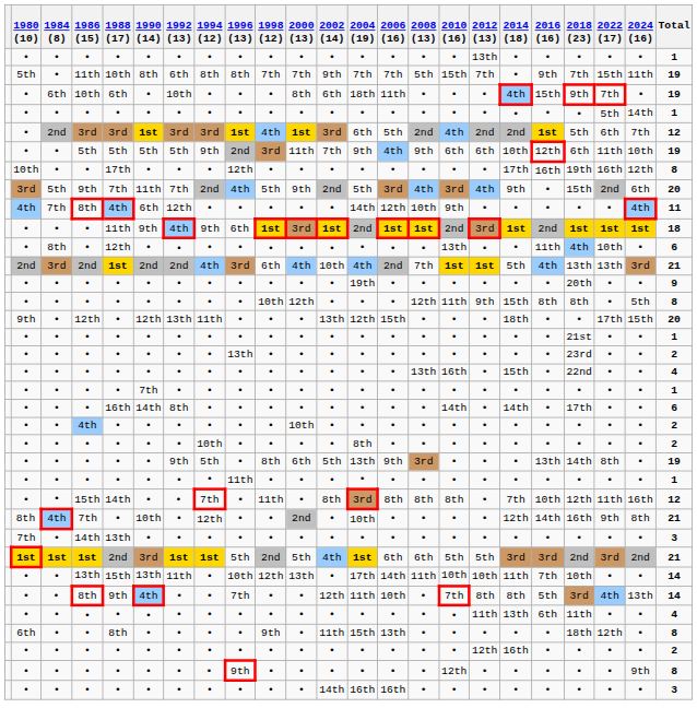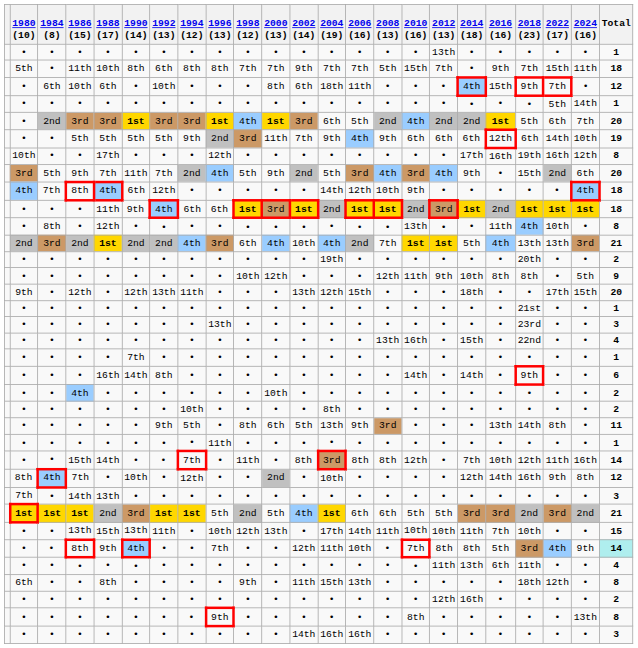 <table class="wikitable" style="text-align:center; font-size:90%">
 <tr>
 <th></th>
 <th><br><a href='#'>1980</a><br>(10)</th>
 <th><br><a href='#'>1984</a><br>(8)</th>
 <th><br><a href='#'>1986</a><br>(15)</th>
 <th><br><a href='#'>1988</a><br>(17)</th>
 <th><br><a href='#'>1990</a><br>(14)</th>
 <th><br><a href='#'>1992</a><br>(13)</th>
 <th><br><a href='#'>1994</a><br>(12)</th>
 <th><br><a href='#'>1996</a><br>(13)</th>
 <th><br><a href='#'>1998</a><br>(12)</th>
 <th><br><a href='#'>2000</a><br>(13)</th>
 <th><br><a href='#'>2002</a><br>(14)</th>
 <th><br><a href='#'>2004</a><br>(19)</th>
 <th><br><a href='#'>2006</a><br>(16)</th>
 <th><br><a href='#'>2008</a><br>(13)</th>
 <th><br><a href='#'>2010</a><br>(16)</th>
 <th><br><a href='#'>2012</a><br>(13)</th>
 <th><br><a href='#'>2014</a><br>(18)</th>
 <th><br><a href='#'>2016</a><br>(16)</th>
 <th><br><a href='#'>2018</a><br>(23)</th>
 <th><br><a href='#'>2022</a><br>(17)</th>
 <th><br><a href='#'>2024</a><br>(16)</th>
 <th>Total</th>
 </tr>
 <tr>
 <td align=left></td>
 <td>•</td>
 <td>•</td>
 <td>•</td>
 <td>•</td>
 <td>•</td>
 <td>•</td>
 <td>•</td>
 <td>•</td>
 <td>•</td>
 <td>•</td>
 <td>•</td>
 <td>•</td>
 <td>•</td>
 <td>•</td>
 <td>•</td>
 <td>13th</td>
 <td>•</td>
 <td>•</td>
 <td>•</td>
 <td>•</td>
 <td>•</td>
 <td><strong>1</strong></td>
 </tr>
 <tr>
 <td align=left></td>
 <td>5th</td>
 <td>•</td>
 <td>11th</td>
 <td>10th</td>
 <td>8th</td>
 <td>6th</td>
 <td>8th</td>
 <td>8th</td>
 <td>7th</td>
 <td>7th</td>
 <td>9th</td>
 <td>7th</td>
 <td>7th</td>
 <td>5th</td>
 <td>15th</td>
 <td>7th</td>
 <td>•</td>
 <td>9th</td>
 <td>7th</td>
 <td>15th</td>
 <td>11th</td>
-<td><strong>19</strong></td>
+<td><strong>18</strong></td>
 </tr>
 <tr>
 <td align=left></td>
 <td>•</td>
 <td>6th</td>
 <td>10th</td>
 <td>6th</td>
 <td>•</td>
 <td>10th</td>
 <td>•</td>
 <td>•</td>
 <td>•</td>
 <td>8th</td>
 <td>6th</td>
 <td>18th</td>
 <td>11th</td>
 <td>•</td>
 <td>•</td>
 <td>•</td>
 <td style="border:3px solid red" bgcolor=#9acdff>4th</td>
 <td>15th</td>
 <td style="border:3px solid red">9th</td>
 <td style="border:3px solid red">7th</td>
 <td>•</td>
-<td><strong>19</strong></td>
+<td><strong>12</strong></td>
 </tr>
 <tr>
 <td align=left></td>
 <td>•</td>
 <td>•</td>
 <td>•</td>
 <td>•</td>
 <td>•</td>
 <td>•</td>
 <td>•</td>
 <td>•</td>
 <td>•</td>
 <td>•</td>
 <td>•</td>
 <td>•</td>
 <td>•</td>
 <td>•</td>
 <td>•</td>
 <td>•</td>
 <td>•</td>
 <td>•</td>
 <td>•</td>
 <td>5th</td>
 <td>14th</td>
 <td><strong>1</strong></td>
 </tr>
 <tr>
 <td align=left></td>
 <td>•</td>
 <td bgcolor=silver>2nd</td>
 <td bgcolor=#cc9966>3rd</td>
 <td bgcolor=#cc9966>3rd</td>
 <td bgcolor=gold><strong>1st</strong></td>
 <td bgcolor=#cc9966>3rd</td>
 <td bgcolor=#cc9966>3rd</td>
 <td bgcolor=gold><strong>1st</strong></td>
 <td bgcolor=#9acdff>4th</td>
 <td bgcolor=gold><strong>1st</strong></td>
 <td bgcolor=#cc9966>3rd</td>
 <td>6th</td>
 <td>5th</td>
 <td bgcolor=silver>2nd</td>
 <td bgcolor=#9acdff>4th</td>
 <td bgcolor=silver>2nd</td>
 <td bgcolor=silver>2nd</td>
 <td bgcolor=gold><strong>1st</strong></td>
 <td>5th</td>
 <td>6th</td>
 <td>7th</td>
-<td><strong>12</strong></td>
+<td><strong>20</strong></td>
 </tr>
 <tr>
 <td align=left></td>
 <td>•</td>
 <td>•</td>
 <td>5th</td>
 <td>5th</td>
 <td>5th</td>
 <td>5th</td>
 <td>9th</td>
 <td bgcolor=silver>2nd</td>
 <td bgcolor=#cc9966>3rd</td>
 <td>11th</td>
 <td>7th</td>
 <td>9th</td>
 <td bgcolor=#9acdff>4th</td>
 <td>9th</td>
 <td>6th</td>
 <td>6th</td>
-<td>10th</td>
+<td>6th</td>
 <td style="border:3px solid red">12th</td>
 <td>6th</td>
-<td>11th</td>
+<td>14th</td>
 <td>10th</td>
 <td><strong>19</strong></td>
 </tr>
 <tr>
 <td align=left></td>
 <td>10th</td>
 <td>•</td>
 <td>•</td>
 <td>17th</td>
 <td>•</td>
 <td>•</td>
 <td>•</td>
 <td>12th</td>
 <td>•</td>
 <td>•</td>
 <td>•</td>
 <td>•</td>
 <td>•</td>
 <td>•</td>
 <td>•</td>
 <td>•</td>
 <td>17th</td>
 <td>16th</td>
 <td>19th</td>
 <td>16th</td>
 <td>12th</td>
 <td><strong>8</strong></td>
 </tr>
 <tr>
 <td align=left></td>
 <td bgcolor=#cc9966>3rd</td>
 <td>5th</td>
 <td>9th</td>
 <td>7th</td>
 <td>11th</td>
 <td>7th</td>
 <td bgcolor=silver>2nd</td>
 <td bgcolor=#9acdff>4th</td>
 <td>5th</td>
 <td>9th</td>
 <td bgcolor=silver>2nd</td>
 <td>5th</td>
 <td bgcolor=#cc9966>3rd</td>
 <td bgcolor=#9acdff>4th</td>
 <td bgcolor=#cc9966>3rd</td>
 <td bgcolor=#9acdff>4th</td>
 <td>9th</td>
 <td>•</td>
 <td>15th</td>
 <td bgcolor=silver>2nd</td>
 <td>6th</td>
 <td><strong>20</strong></td>
 </tr>
 <tr>
 <td align=left></td>
 <td bgcolor=#9acdff>4th</td>
 <td>7th</td>
 <td style="border:3px solid red">8th</td>
 <td style="border:3px solid red" bgcolor=#9acdff>4th</td>
 <td>6th</td>
 <td>12th</td>
 <td>•</td>
 <td>•</td>
 <td>•</td>
 <td>•</td>
 <td>•</td>
 <td>14th</td>
 <td>12th</td>
 <td>10th</td>
 <td>9th</td>
 <td>•</td>
 <td>•</td>
 <td>•</td>
 <td>•</td>
 <td>•</td>
 <td style="border:3px solid red" bgcolor=#9acdff>4th</td>
-<td><strong>11</strong></td>
+<td><strong>18</strong></td>
 </tr>
 <tr>
 <td align=left></td>
 <td>•</td>
 <td>•</td>
 <td>•</td>
 <td>11th</td>
 <td>9th</td>
 <td style="border:3px solid red" bgcolor=#9acdff>4th</td>
-<td>9th</td>
+<td>6th</td>
 <td>6th</td>
 <td style="border:3px solid red" bgcolor=gold><strong>1st</strong></td>
 <td style="border:3px solid red" bgcolor=#cc9966>3rd</td>
 <td style="border:3px solid red" bgcolor=gold><strong>1st</strong></td>
 <td bgcolor=silver>2nd</td>
 <td style="border:3px solid red" bgcolor=gold><strong>1st</strong></td>
 <td style="border:3px solid red" bgcolor=gold><strong>1st</strong></td>
 <td bgcolor=silver>2nd</td>
 <td style="border:3px solid red" bgcolor=#cc9966>3rd</td>
 <td bgcolor=gold><strong>1st</strong></td>
 <td bgcolor=silver>2nd</td>
 <td bgcolor=gold><strong>1st</strong></td>
 <td bgcolor=gold><strong>1st</strong></td>
 <td bgcolor=gold><strong>1st</strong></td>
 <td><strong>18</strong></td>
 </tr>
 <tr>
 <td align=left></td>
 <td>•</td>
 <td>8th</td>
 <td>•</td>
 <td>12th</td>
 <td>•</td>
 <td>•</td>
 <td>•</td>
 <td>•</td>
 <td>•</td>
 <td>•</td>
 <td>•</td>
 <td>•</td>
 <td>•</td>
 <td>•</td>
 <td>13th</td>
 <td>•</td>
 <td>•</td>
 <td>11th</td>
 <td bgcolor=#9acdff>4th</td>
 <td>10th</td>
 <td>•</td>
-<td><strong>6</strong></td>
+<td><strong>8</strong></td>
 </tr>
 <tr>
 <td align=left></td>
 <td bgcolor=silver>2nd</td>
 <td bgcolor=#cc9966>3rd</td>
 <td bgcolor=silver>2nd</td>
 <td bgcolor=gold><strong>1st</strong></td>
 <td bgcolor=silver>2nd</td>
 <td bgcolor=silver>2nd</td>
 <td bgcolor=#9acdff>4th</td>
 <td bgcolor=#cc9966>3rd</td>
 <td>6th</td>
 <td bgcolor=#9acdff>4th</td>
 <td>10th</td>
 <td bgcolor=#9acdff>4th</td>
 <td bgcolor=silver>2nd</td>
 <td>7th</td>
 <td bgcolor=gold><strong>1st</strong></td>
 <td bgcolor=gold><strong>1st</strong></td>
 <td>5th</td>
 <td bgcolor=#9acdff>4th</td>
 <td>13th</td>
 <td>13th</td>
 <td bgcolor=#cc9966>3rd</td>
 <td><strong>21</strong></td>
 </tr>
 <tr>
 <td align=left></td>
 <td>•</td>
 <td>•</td>
 <td>•</td>
 <td>•</td>
 <td>•</td>
 <td>•</td>
 <td>•</td>
 <td>•</td>
 <td>•</td>
 <td>•</td>
 <td>•</td>
 <td>19th</td>
 <td>•</td>
 <td>•</td>
 <td>•</td>
 <td>•</td>
 <td>•</td>
 <td>•</td>
 <td>20th</td>
 <td>•</td>
 <td>•</td>
-<td><strong>9</strong></td>
+<td><strong>2</strong></td>
 </tr>
 <tr>
 <td align=left></td>
 <td>•</td>
 <td>•</td>
 <td>•</td>
 <td>•</td>
 <td>•</td>
 <td>•</td>
 <td>•</td>
 <td>•</td>
 <td>10th</td>
 <td>12th</td>
 <td>•</td>
 <td>•</td>
 <td>•</td>
 <td>12th</td>
 <td>11th</td>
 <td>9th</td>
-<td>15th</td>
+<td>10th</td>
 <td>8th</td>
 <td>8th</td>
 <td>•</td>
 <td>5th</td>
-<td><strong>8</strong></td>
+<td><strong>9</strong></td>
 </tr>
 <tr>
 <td align=left></td>
 <td>9th</td>
 <td>•</td>
 <td>12th</td>
 <td>•</td>
 <td>12th</td>
 <td>13th</td>
 <td>11th</td>
 <td>•</td>
 <td>•</td>
 <td>•</td>
 <td>13th</td>
 <td>12th</td>
 <td>15th</td>
 <td>•</td>
 <td>•</td>
 <td>•</td>
 <td>18th</td>
 <td>•</td>
 <td>•</td>
 <td>17th</td>
 <td>15th</td>
 <td><strong>20</strong></td>
 </tr>
 <tr>
 <td align=left></td>
 <td>•</td>
 <td>•</td>
 <td>•</td>
 <td>•</td>
 <td>•</td>
 <td>•</td>
 <td>•</td>
 <td>•</td>
 <td>•</td>
 <td>•</td>
 <td>•</td>
 <td>•</td>
 <td>•</td>
 <td>•</td>
 <td>•</td>
 <td>•</td>
 <td>•</td>
 <td>•</td>
 <td>21st</td>
 <td>•</td>
 <td>•</td>
 <td><strong>1</strong></td>
 </tr>
 <tr>
 <td align=left></td>
 <td>•</td>
 <td>•</td>
 <td>•</td>
 <td>•</td>
 <td>•</td>
 <td>•</td>
 <td>•</td>
 <td>13th</td>
 <td>•</td>
 <td>•</td>
 <td>•</td>
 <td>•</td>
 <td>•</td>
 <td>•</td>
 <td>•</td>
 <td>•</td>
 <td>•</td>
 <td>•</td>
 <td>23rd</td>
 <td>•</td>
 <td>•</td>
-<td><strong>2</strong></td>
+<td><strong>3</strong></td>
 </tr>
 <tr>
 <td align=left></td>
 <td>•</td>
 <td>•</td>
 <td>•</td>
 <td>•</td>
 <td>•</td>
 <td>•</td>
 <td>•</td>
 <td>•</td>
 <td>•</td>
 <td>•</td>
 <td>•</td>
 <td>•</td>
 <td>•</td>
 <td>13th</td>
 <td>16th</td>
 <td>•</td>
 <td>15th</td>
 <td>•</td>
 <td>22nd</td>
 <td>•</td>
 <td>•</td>
 <td><strong>4</strong></td>
 </tr>
 <tr>
 <td align=left></td>
 <td>•</td>
 <td>•</td>
 <td>•</td>
 <td>•</td>
 <td>7th</td>
 <td>•</td>
 <td>•</td>
 <td>•</td>
 <td>•</td>
 <td>•</td>
 <td>•</td>
 <td>•</td>
 <td>•</td>
 <td>•</td>
 <td>•</td>
 <td>•</td>
 <td>•</td>
 <td>•</td>
 <td>•</td>
 <td>•</td>
 <td>•</td>
 <td><strong>1</strong></td>
 </tr>
 <tr>
 <td align=left></td>
 <td>•</td>
 <td>•</td>
 <td>•</td>
 <td>16th</td>
 <td>14th</td>
 <td>8th</td>
 <td>•</td>
 <td>•</td>
 <td>•</td>
 <td>•</td>
 <td>•</td>
 <td>•</td>
 <td>•</td>
 <td>•</td>
 <td>14th</td>
 <td>•</td>
 <td>14th</td>
 <td>•</td>
-<td>17th</td>
+<td style="border:3px solid red">9th</td>
 <td>•</td>
 <td>•</td>
 <td><strong>6</strong></td>
 </tr>
 <tr>
 <td align=left></td>
 <td>•</td>
 <td>•</td>
 <td bgcolor=#9acdff>4th</td>
 <td>•</td>
 <td>•</td>
 <td>•</td>
 <td>•</td>
 <td>•</td>
 <td>•</td>
 <td>10th</td>
 <td>•</td>
 <td>•</td>
 <td>•</td>
 <td>•</td>
 <td>•</td>
 <td>•</td>
 <td>•</td>
 <td>•</td>
 <td>•</td>
 <td>•</td>
 <td>•</td>
 <td><strong>2</strong></td>
 </tr>
 <tr>
 <td align=left></td>
 <td>•</td>
 <td>•</td>
 <td>•</td>
 <td>•</td>
 <td>•</td>
 <td>•</td>
 <td>10th</td>
 <td>•</td>
 <td>•</td>
 <td>•</td>
 <td>•</td>
 <td>8th</td>
 <td>•</td>
 <td>•</td>
 <td>•</td>
 <td>•</td>
 <td>•</td>
 <td>•</td>
 <td>•</td>
 <td>•</td>
 <td>•</td>
 <td><strong>2</strong></td>
 </tr>
 <tr>
 <td align=left></td>
 <td>•</td>
 <td>•</td>
 <td>•</td>
 <td>•</td>
 <td>•</td>
 <td>9th</td>
 <td>5th</td>
 <td>•</td>
 <td>8th</td>
 <td>6th</td>
 <td>5th</td>
 <td>13th</td>
 <td>9th</td>
 <td bgcolor=#cc9966>3rd</td>
 <td>•</td>
 <td>•</td>
 <td>•</td>
 <td>13th</td>
 <td>14th</td>
 <td>8th</td>
 <td>•</td>
-<td><strong>19</strong></td>
+<td><strong>11</strong></td>
 </tr>
 <tr>
 <td align=left></td>
 <td>•</td>
 <td>•</td>
 <td>•</td>
 <td>•</td>
 <td>•</td>
 <td>•</td>
 <td>•</td>
 <td>11th</td>
 <td>•</td>
 <td>•</td>
 <td>•</td>
 <td>•</td>
 <td>•</td>
 <td>•</td>
 <td>•</td>
 <td>•</td>
 <td>•</td>
 <td>•</td>
 <td>•</td>
 <td>•</td>
 <td>•</td>
 <td><strong>1</strong></td>
 </tr>
 <tr>
 <td align=left></td>
 <td>•</td>
 <td>•</td>
 <td>15th</td>
 <td>14th</td>
 <td>•</td>
 <td>•</td>
 <td style="border:3px solid red">7th</td>
 <td>•</td>
 <td>11th</td>
 <td>•</td>
 <td>8th</td>
 <td style="border:3px solid red" bgcolor=#cc9966>3rd</td>
 <td>8th</td>
 <td>8th</td>
-<td>8th</td>
+<td>12th</td>
 <td>•</td>
 <td>7th</td>
 <td>10th</td>
 <td>12th</td>
 <td>11th</td>
 <td>16th</td>
-<td><strong>12</strong></td>
+<td><strong>14</strong></td>
 </tr>
 <tr>
 <td align=left></td>
 <td>8th</td>
 <td style="border:3px solid red" bgcolor=#9acdff>4th</td>
 <td>7th</td>
 <td>•</td>
 <td>10th</td>
 <td>•</td>
 <td>12th</td>
 <td>•</td>
 <td>•</td>
 <td bgcolor=silver>2nd</td>
 <td>•</td>
 <td>10th</td>
 <td>•</td>
 <td>•</td>
 <td>•</td>
 <td>•</td>
 <td>12th</td>
 <td>14th</td>
 <td>16th</td>
 <td>9th</td>
 <td>8th</td>
-<td><strong>21</strong></td>
+<td><strong>12</strong></td>
 </tr>
 <tr>
 <td align=left></td>
 <td>7th</td>
 <td>•</td>
 <td>14th</td>
 <td>13th</td>
 <td>•</td>
 <td>•</td>
 <td>•</td>
 <td>•</td>
 <td>•</td>
 <td>•</td>
 <td>•</td>
 <td>•</td>
 <td>•</td>
 <td>•</td>
 <td>•</td>
 <td>•</td>
 <td>•</td>
 <td>•</td>
 <td>•</td>
 <td>•</td>
 <td>•</td>
 <td><strong>3</strong></td>
 </tr>
 <tr>
 <td align=left></td>
 <td style="border:3px solid red" bgcolor=gold><strong>1st</strong></td>
 <td bgcolor=gold><strong>1st</strong></td>
 <td bgcolor=gold><strong>1st</strong></td>
 <td bgcolor=silver>2nd</td>
 <td bgcolor=#cc9966>3rd</td>
 <td bgcolor=gold><strong>1st</strong></td>
 <td bgcolor=gold><strong>1st</strong></td>
 <td>5th</td>
 <td bgcolor=silver>2nd</td>
 <td>5th</td>
 <td bgcolor=#9acdff>4th</td>
 <td bgcolor=gold><strong>1st</strong></td>
 <td>6th</td>
 <td>6th</td>
 <td>5th</td>
 <td>5th</td>
 <td bgcolor=#cc9966>3rd</td>
 <td bgcolor=#cc9966>3rd</td>
 <td bgcolor=silver>2nd</td>
 <td bgcolor=#cc9966>3rd</td>
 <td bgcolor=silver>2nd</td>
 <td><strong>21</strong></td>
 </tr>
 <tr>
 <td align=left></td>
 <td>•</td>
 <td>•</td>
 <td>13th</td>
 <td>15th</td>
 <td>13th</td>
 <td>11th</td>
 <td>•</td>
 <td>10th</td>
 <td>12th</td>
 <td>13th</td>
 <td>•</td>
 <td>17th</td>
 <td>14th</td>
 <td>11th</td>
 <td>10th</td>
 <td>10th</td>
 <td>11th</td>
 <td>7th</td>
 <td>10th</td>
 <td>•</td>
 <td>•</td>
-<td><strong>14</strong></td>
+<td><strong>15</strong></td>
 </tr>
 <tr>
 <td align=left></td>
 <td>•</td>
 <td>•</td>
 <td style="border:3px solid red">8th</td>
 <td>9th</td>
 <td style="border:3px solid red" bgcolor=#9acdff>4th</td>
 <td>•</td>
 <td>•</td>
 <td>7th</td>
 <td>•</td>
 <td>•</td>
 <td>12th</td>
 <td>11th</td>
 <td>10th</td>
 <td>•</td>
 <td style="border:3px solid red">7th</td>
 <td>8th</td>
 <td>8th</td>
 <td>5th</td>
 <td bgcolor=#cc9966>3rd</td>
 <td bgcolor=#9acdff>4th</td>
-<td>13th</td>
-<td><strong>14</strong></td>
+<td>9th</td>
+<td style="background: paleturquoise;"><strong>14</strong></td>
 </tr>
 <tr>
 <td align=left></td>
 <td>•</td>
 <td>•</td>
 <td>•</td>
 <td>•</td>
 <td>•</td>
 <td>•</td>
 <td>•</td>
 <td>•</td>
 <td>•</td>
 <td>•</td>
 <td>•</td>
 <td>•</td>
 <td>•</td>
 <td>•</td>
 <td>•</td>
 <td>11th</td>
 <td>13th</td>
 <td>6th</td>
 <td>11th</td>
 <td>•</td>
 <td>•</td>
 <td><strong>4</strong></td>
 </tr>
 <tr>
 <td align=left></td>
 <td>6th</td>
 <td>•</td>
 <td>•</td>
 <td>8th</td>
 <td>•</td>
 <td>•</td>
 <td>•</td>
 <td>•</td>
 <td>9th</td>
 <td>•</td>
 <td>11th</td>
 <td>15th</td>
 <td>13th</td>
 <td>•</td>
 <td>•</td>
 <td>•</td>
 <td>•</td>
 <td>•</td>
 <td>18th</td>
 <td>12th</td>
 <td>•</td>
 <td><strong>8</strong></td>
 </tr>
 <tr>
 <td align=left></td>
 <td>•</td>
 <td>•</td>
 <td>•</td>
 <td>•</td>
 <td>•</td>
 <td>•</td>
 <td>•</td>
 <td>•</td>
 <td>•</td>
 <td>•</td>
 <td>•</td>
 <td>•</td>
 <td>•</td>
 <td>•</td>
 <td>•</td>
 <td>12th</td>
 <td>16th</td>
 <td>•</td>
 <td>•</td>
 <td>•</td>
 <td>•</td>
 <td><strong>2</strong></td>
 </tr>
 <tr>
 <td align=left></td>
 <td>•</td>
 <td>•</td>
 <td>•</td>
 <td>•</td>
 <td>•</td>
 <td>•</td>
 <td>•</td>
 <td style="border:3px solid red">9th</td>
 <td>•</td>
 <td>•</td>
 <td>•</td>
 <td>•</td>
 <td>•</td>
 <td>•</td>
-<td>12th</td>
+<td>8th</td>
 <td>•</td>
 <td>•</td>
 <td>•</td>
 <td>•</td>
 <td>•</td>
-<td>9th</td>
+<td>13th</td>
 <td><strong>8</strong></td>
 </tr>
 <tr>
 <td align=left></td>
 <td>•</td>
 <td>•</td>
 <td>•</td>
 <td>•</td>
 <td>•</td>
 <td>•</td>
 <td>•</td>
 <td>•</td>
 <td>•</td>
 <td>•</td>
 <td>14th</td>
 <td>16th</td>
 <td>16th</td>
 <td>•</td>
 <td>•</td>
 <td>•</td>
 <td>•</td>
 <td>•</td>
 <td>•</td>
 <td>•</td>
 <td>•</td>
 <td><strong>3</strong></td>
 </tr>
 </table>
